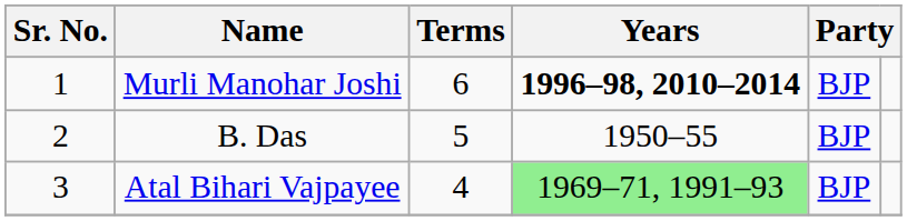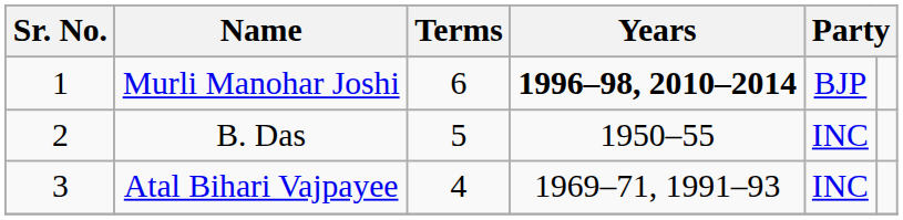 <table class="wikitable sortable">
 <tr>
 <th>Sr. No.</th>
 <th>Name</th>
 <th>Terms</th>
 <th>Years</th>
 <th colspan="2">Party</th>
 </tr>
 <tr align=center>
 <td>1</td>
 <td><a href='#'>Murli Manohar Joshi</a></td>
 <td>6</td>
 <td><strong>1996–98, 2010–2014</strong></td>
 <td><a href='#'>BJP</a></td>
 <td width="3px"></td>
 </tr>
 <tr align=center>
 <td>2</td>
 <td>B. Das</td>
 <td>5</td>
 <td>1950–55</td>
-<td><a href='#'>BJP</a></td>
+<td rowspan="1"><a href='#'>INC</a></td>
 <td width="3px"></td>
 </tr>
 <tr align="center">
 <td>3</td>
 <td><a href='#'>Atal Bihari Vajpayee</a></td>
 <td>4</td>
-<td style="background: lightgreen;">1969–71, 1991–93</td>
-<td><a href='#'>BJP</a></td>
+<td>1969–71, 1991–93</td>
+<td rowspan="1"><a href='#'>INC</a></td>
 <td width="3px"></td>
 </tr>
 <tr align=center>
 </tr>
 </table>
